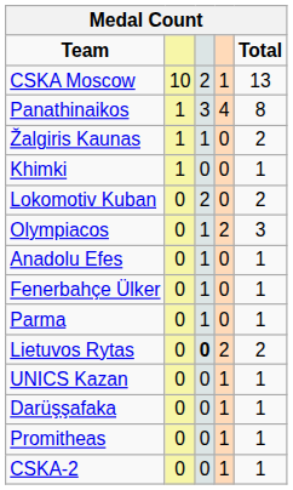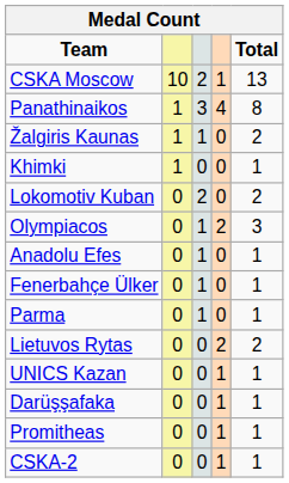 <table class="wikitable" border="1" style="font-size:85%;">
 <tr bgcolor=#efefef>
 <th colspan=7><strong>Medal Count</strong></th>
 </tr>
 <tr align=center>
 <td><strong>Team</strong></td>
 <td bgcolor=#f7f6a8></td>
 <td bgcolor=#dce5e5></td>
 <td bgcolor=#ffdab9></td>
 <td><strong>Total</strong></td>
 </tr>
 <tr align=center>
 <td align=left> <a href='#'>CSKA Moscow</a></td>
 <td bgcolor=#f7f6a8>10</td>
 <td bgcolor=#dce5e5>2</td>
 <td bgcolor=#ffdab9>1</td>
 <td>13</td>
 </tr>
 <tr align=center>
 <td align=left> <a href='#'>Panathinaikos</a></td>
 <td bgcolor=#f7f6a8>1</td>
 <td bgcolor=#dce5e5>3</td>
 <td bgcolor=#ffdab9>4</td>
 <td>8</td>
 </tr>
 <tr align=center>
 <td align=left> <a href='#'>Žalgiris Kaunas</a></td>
 <td bgcolor=#f7f6a8>1</td>
 <td bgcolor=#dce5e5>1</td>
 <td bgcolor=#ffdab9>0</td>
 <td>2</td>
 </tr>
 <tr align=center>
 <td align=left> <a href='#'>Khimki</a></td>
 <td bgcolor=#f7f6a8>1</td>
 <td bgcolor=#dce5e5>0</td>
 <td bgcolor=#ffdab9>0</td>
 <td>1</td>
 </tr>
 <tr align=center>
 <td align=left> <a href='#'>Lokomotiv Kuban</a></td>
 <td bgcolor=#f7f6a8>0</td>
 <td bgcolor=#dce5e5>2</td>
 <td bgcolor=#ffdab9>0</td>
 <td>2</td>
 </tr>
 <tr align=center>
 <td align=left> <a href='#'>Olympiacos</a></td>
 <td bgcolor=#f7f6a8>0</td>
 <td bgcolor=#dce5e5>1</td>
 <td bgcolor=#ffdab9>2</td>
 <td>3</td>
 </tr>
 <tr align=center>
 <td align=left> <a href='#'>Anadolu Efes</a></td>
 <td bgcolor=#f7f6a8>0</td>
 <td bgcolor=#dce5e5>1</td>
 <td bgcolor=#ffdab9>0</td>
 <td>1</td>
 </tr>
 <tr align=center>
 <td align=left> <a href='#'>Fenerbahçe Ülker</a></td>
 <td bgcolor=#f7f6a8>0</td>
 <td bgcolor=#dce5e5>1</td>
 <td bgcolor=#ffdab9>0</td>
 <td>1</td>
 </tr>
 <tr align=center>
 <td align=left> <a href='#'>Parma</a></td>
 <td bgcolor=#f7f6a8>0</td>
 <td bgcolor=#dce5e5>1</td>
 <td bgcolor=#ffdab9>0</td>
 <td>1</td>
 </tr>
 <tr align=center>
 <td align=left> <a href='#'>Lietuvos Rytas</a></td>
 <td bgcolor=#f7f6a8>0</td>
-<td bgcolor=#dce5e5><strong>0</strong></td>
+<td bgcolor=#dce5e5>0</td>
 <td bgcolor=#ffdab9>2</td>
 <td>2</td>
 </tr>
 <tr align=center>
 <td align=left> <a href='#'>UNICS Kazan</a></td>
 <td bgcolor=#f7f6a8>0</td>
 <td bgcolor=#dce5e5>0</td>
 <td bgcolor=#ffdab9>1</td>
 <td>1</td>
 </tr>
 <tr align=center>
 <td align=left> <a href='#'>Darüşşafaka</a></td>
 <td bgcolor=#f7f6a8>0</td>
 <td bgcolor=#dce5e5>0</td>
 <td bgcolor=#ffdab9>1</td>
 <td>1</td>
 </tr>
 <tr align=center>
 <td align=left> <a href='#'>Promitheas</a></td>
 <td bgcolor=#f7f6a8>0</td>
 <td bgcolor=#dce5e5>0</td>
 <td bgcolor=#ffdab9>1</td>
 <td>1</td>
 </tr>
 <tr align=center>
 <td align=left> <a href='#'>CSKA-2</a></td>
 <td bgcolor=#f7f6a8>0</td>
 <td bgcolor=#dce5e5>0</td>
 <td bgcolor=#ffdab9>1</td>
 <td>1</td>
 </tr>
 </table>
